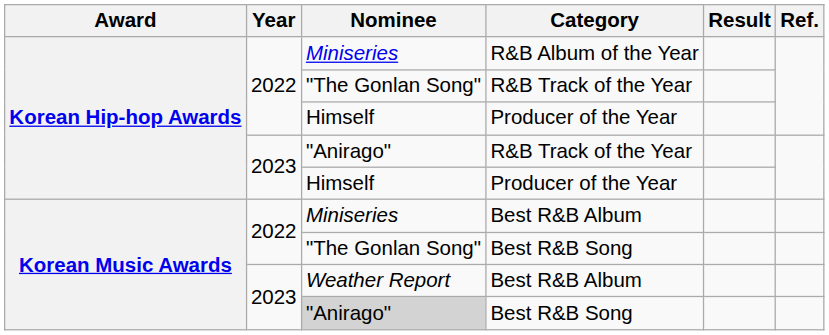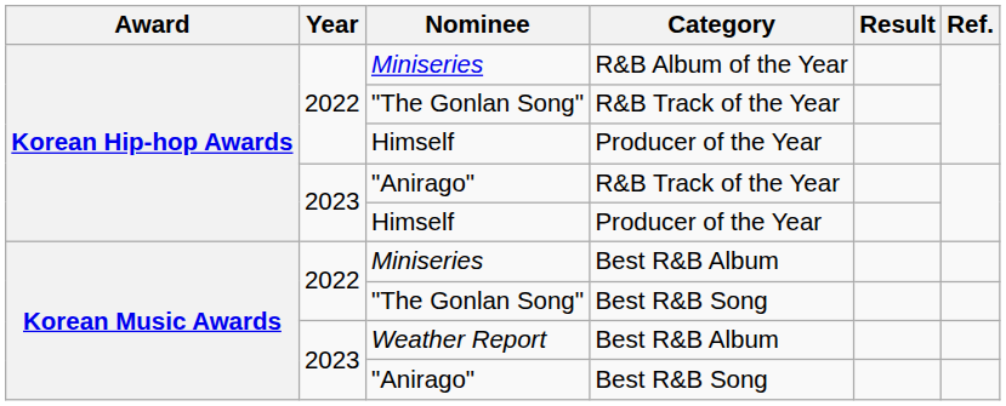 <table class="wikitable sortable plainrowheaders">
 <tr>
 <th>Award</th>
 <th>Year</th>
 <th>Nominee</th>
 <th>Category</th>
 <th>Result</th>
 <th>Ref.</th>
 </tr>
 <tr>
 <th rowspan="5" scope="row"><a href='#'>Korean Hip-hop Awards</a></th>
 <td rowspan="3">2022</td>
 <td><em><a href='#'>Miniseries</a></em></td>
 <td>R&B Album of the Year</td>
 <td></td>
 <td rowspan="3"></td>
 </tr>
 <tr>
 <td>"The Gonlan Song"</td>
 <td>R&B Track of the Year</td>
 <td></td>
 </tr>
 <tr>
 <td>Himself</td>
 <td>Producer of the Year</td>
 <td></td>
 </tr>
 <tr>
 <td rowspan="2">2023</td>
 <td>"Anirago"</td>
 <td>R&B Track of the Year</td>
 <td></td>
 <td rowspan="2"></td>
 </tr>
 <tr>
 <td>Himself</td>
 <td>Producer of the Year</td>
 <td></td>
 </tr>
 <tr>
 <th rowspan="4" scope="row"><a href='#'>Korean Music Awards</a></th>
 <td rowspan="2">2022</td>
 <td><em>Miniseries</em></td>
 <td>Best R&B Album</td>
 <td></td>
 <td></td>
 </tr>
 <tr>
 <td>"The Gonlan Song"</td>
 <td>Best R&B Song</td>
 <td></td>
 <td></td>
 </tr>
 <tr>
 <td rowspan="2">2023</td>
 <td><em>Weather Report</em></td>
 <td>Best R&B Album</td>
 <td></td>
 <td></td>
 </tr>
 <tr>
-<td style="background: lightgrey;">"Anirago"</td>
+<td>"Anirago"</td>
 <td>Best R&B Song</td>
 <td></td>
 <td></td>
 </tr>
 </table>
